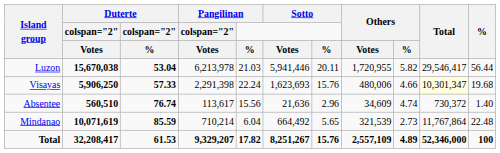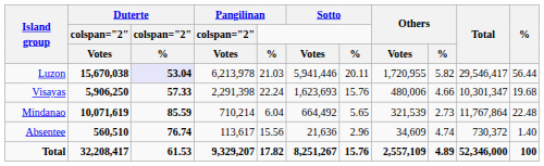 <table class="wikitable" style="text-align:right; font-size:92%; line-height:20px;">
 <tr>
 <th rowspan="3" width="80"><a href='#'>Island group</a></th>
 <th colspan="2" width="110"><a href='#'>Duterte</a></th>
 <th colspan="2" width="110"><a href='#'>Pangilinan</a></th>
 <th colspan="2" width="110"><a href='#'>Sotto</a></th>
 <th colspan="2" width="110"  rowspan="2">Others</th>
 <th rowspan="3">Total</th>
 <th rowspan="3">%</th>
 </tr>
 <tr>
 <th>colspan="2" </th>
 <th>colspan="2" </th>
 <th>colspan="2" </th>
 </tr>
 <tr>
 <th>Votes</th>
 <th>%</th>
 <th>Votes</th>
 <th>%</th>
 <th>Votes</th>
 <th>%</th>
 <th>Votes</th>
 <th>%</th>
 </tr>
 <tr>
 <td><a href='#'>Luzon</a></td>
 <td><strong>15,670,038</strong></td>
-<td><strong>53.04</strong></td>
+<td style="background: lavender;"><strong>53.04</strong></td>
 <td>6,213,978</td>
 <td>21.03</td>
 <td>5,941,446</td>
 <td>20.11</td>
 <td>1,720,955</td>
 <td>5.82</td>
 <td>29,546,417</td>
 <td>56.44</td>
 </tr>
 <tr>
 <td><a href='#'>Visayas</a></td>
 <td><strong>5,906,250</strong></td>
 <td><strong>57.33</strong></td>
 <td>2,291,398</td>
 <td>22.24</td>
 <td>1,623,693</td>
 <td>15.76</td>
 <td>480,006</td>
 <td>4.66</td>
-<td style="background: lightyellow;">10,301,347</td>
+<td>10,301,347</td>
 <td>19.68</td>
+</tr>
+<tr>
+<td><a href='#'>Mindanao</a></td>
+<td><strong>10,071,619</strong></td>
+<td><strong>85.59</strong></td>
+<td>710,214</td>
+<td>6.04</td>
+<td>664,492</td>
+<td>5.65</td>
+<td>321,539</td>
+<td>2.73</td>
+<td>11,767,864</td>
+<td>22.48</td>
 </tr>
 <tr>
 <td><a href='#'>Absentee</a></td>
 <td><strong>560,510</strong></td>
 <td><strong>76.74</strong></td>
 <td>113,617</td>
 <td>15.56</td>
 <td>21,636</td>
 <td>2.96</td>
 <td>34,609</td>
 <td>4.74</td>
 <td>730,372</td>
 <td>1.40</td>
 </tr>
 <tr>
-<td><a href='#'>Mindanao</a></td>
-<td><strong>10,071,619</strong></td>
-<td><strong>85.59</strong></td>
-<td>710,214</td>
-<td>6.04</td>
-<td>664,492</td>
-<td>5.65</td>
-<td>321,539</td>
-<td>2.73</td>
-<td>11,767,864</td>
-<td>22.48</td>
-</tr>
-<tr>
 <td><strong>Total</strong></td>
 <td><strong>32,208,417</strong></td>
 <td><strong>61.53</strong></td>
 <td><strong>9,329,207</strong></td>
 <td><strong>17.82</strong></td>
 <td><strong>8,251,267</strong></td>
 <td><strong>15.76</strong></td>
 <td><strong>2,557,109</strong></td>
 <td><strong>4.89</strong></td>
 <td><strong>52,346,000</strong></td>
 <td><strong>100</strong></td>
 </tr>
 </table>
